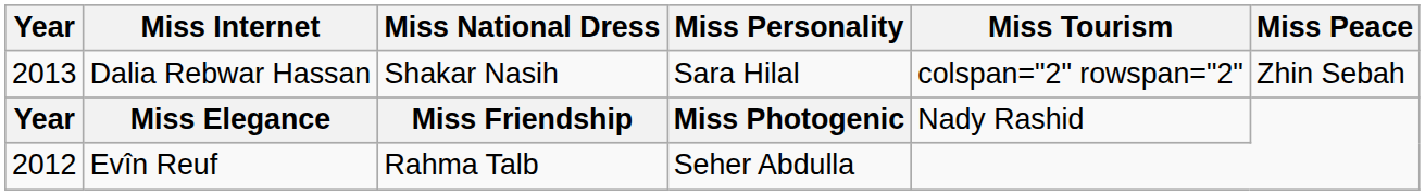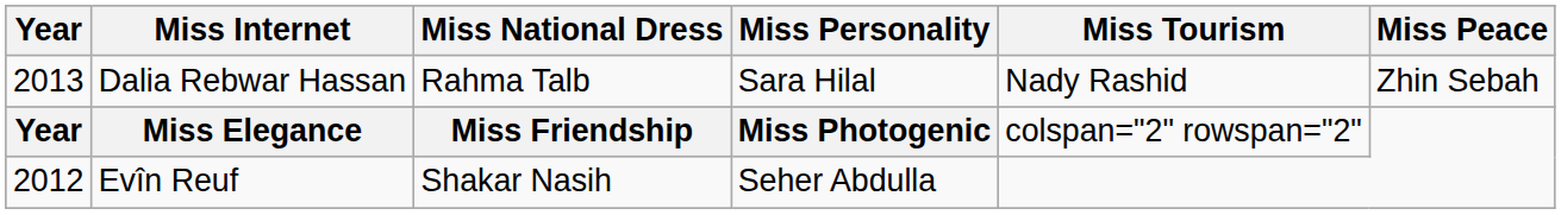 <table class="sortable wikitable">
 <tr>
 <th>Year</th>
 <th>Miss Internet</th>
 <th>Miss National Dress</th>
 <th>Miss Personality</th>
 <th>Miss Tourism</th>
 <th>Miss Peace</th>
 </tr>
 <tr>
 <td>2013</td>
 <td>Dalia Rebwar Hassan</td>
-<td>Shakar Nasih</td>
+<td>Rahma Talb</td>
 <td>Sara Hilal</td>
-<td>colspan="2" rowspan="2" </td>
+<td>Nady Rashid</td>
 <td>Zhin Sebah</td>
 </tr>
 <tr>
 <th>Year</th>
 <th>Miss Elegance</th>
 <th>Miss Friendship</th>
 <th>Miss Photogenic</th>
-<td>Nady Rashid</td>
+<td>colspan="2" rowspan="2" </td>
 </tr>
 <tr>
 <td>2012</td>
 <td>Evîn Reuf</td>
-<td>Rahma Talb</td>
+<td>Shakar Nasih</td>
 <td>Seher Abdulla</td>
 </tr>
 </table>
